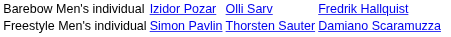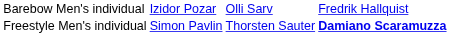 <table>
 <tr>
 <td>Barebow Men's individual<br></td>
 <td> <a href='#'>Izidor Pozar</a></td>
 <td> <a href='#'>Olli Sarv</a></td>
 <td> <a href='#'>Fredrik Hallquist</a></td>
 </tr>
 <tr>
 <td>Freestyle Men's individual<br></td>
 <td> <a href='#'>Simon Pavlin</a></td>
 <td> <a href='#'>Thorsten Sauter</a></td>
-<td> <a href='#'>Damiano Scaramuzza</a></td>
+<td><strong> <a href='#'>Damiano Scaramuzza</a></strong></td>
 </tr>
 </table>
